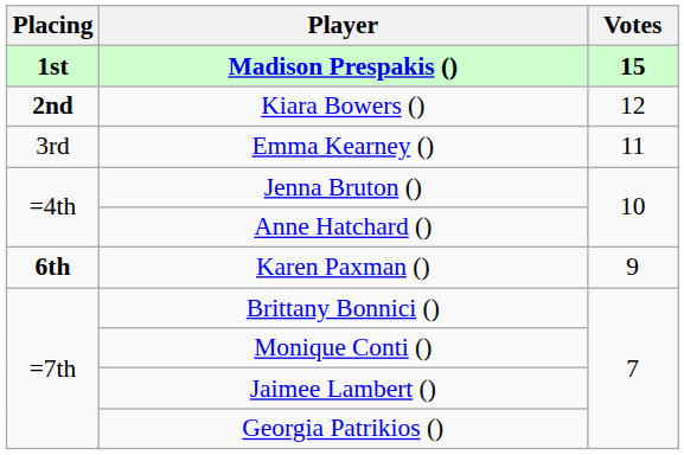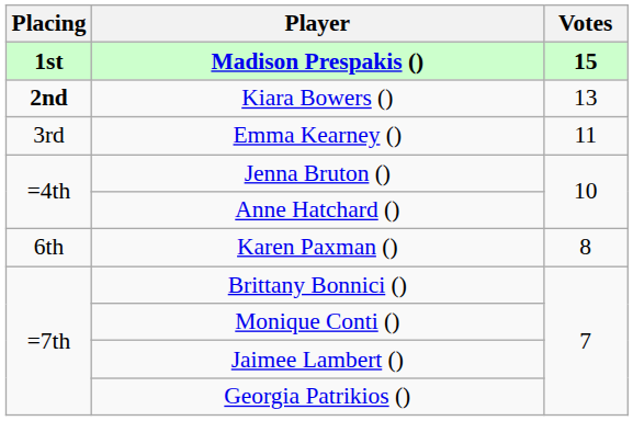 <table class="wikitable" style="text-align:center; margin:1em auto;">
 <tr>
 <th style="width:50px">Placing</th>
 <th style="width:300px">Player</th>
 <th style="width:50px">Votes</th>
 </tr>
 <tr style="background:#cfc">
 <td><strong>1st</strong></td>
 <td><strong><a href='#'>Madison Prespakis</a> ()</strong></td>
 <td><strong>15</strong></td>
 </tr>
 <tr>
 <td><strong>2nd</strong></td>
 <td><a href='#'>Kiara Bowers</a> ()</td>
-<td>12</td>
+<td>13</td>
 </tr>
 <tr>
 <td>3rd</td>
 <td><a href='#'>Emma Kearney</a> ()</td>
 <td>11</td>
 </tr>
 <tr>
 <td rowspan=2>=4th</td>
 <td><a href='#'>Jenna Bruton</a> ()</td>
 <td rowspan=2>10</td>
 </tr>
 <tr>
 <td><a href='#'>Anne Hatchard</a> ()</td>
 </tr>
 <tr>
-<td><strong>6th</strong></td>
+<td>6th</td>
 <td><a href='#'>Karen Paxman</a> ()</td>
-<td>9</td>
+<td>8</td>
 </tr>
 <tr>
 <td rowspan=4>=7th</td>
 <td><a href='#'>Brittany Bonnici</a> ()</td>
 <td rowspan=4>7</td>
 </tr>
 <tr>
 <td><a href='#'>Monique Conti</a> ()</td>
 </tr>
 <tr>
 <td><a href='#'>Jaimee Lambert</a> ()</td>
 </tr>
 <tr>
 <td><a href='#'>Georgia Patrikios</a> ()</td>
 </tr>
 </table>
